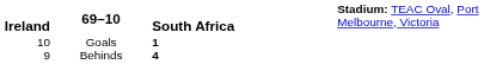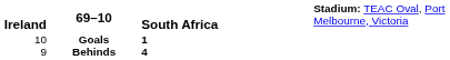 <table style="width: 100%; background: transparent;" cellspacing="0">
 <tr>
 <td align=center valign=top rowspan=3 width=15%></td>
 </tr>
 <tr>
 <td width=24% align=right><br><strong>Ireland</strong></td>
 <td align=center width=13%><strong>69–10</strong></td>
 <td width=24%><br><strong>South Africa</strong></td>
 <td style=font-size:85% rowspan=2 valign=top><strong>Stadium:</strong> <a href='#'>TEAC Oval</a>, <a href='#'>Port Melbourne, Victoria</a></td>
 </tr>
 <tr style=font-size:85%>
 <td align=right valign=top>10<br> 9</td>
-<td align=center valign=top>Goals <br>Behinds</td>
+<td align=center valign=top><strong>Goals <br>Behinds</strong></td>
 <td valign=top><strong>1<br> 4</strong></td>
 </tr>
 </table>
